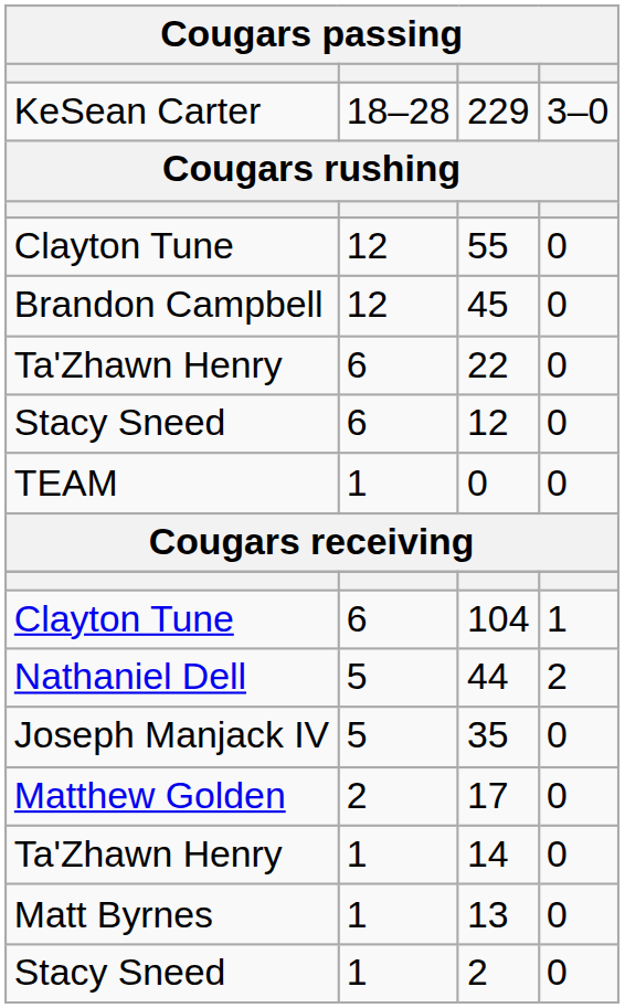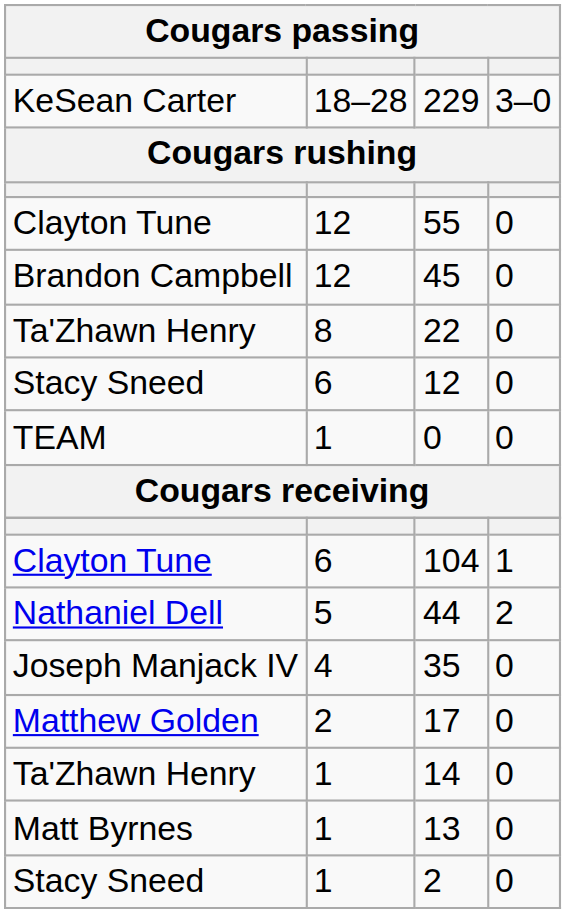 <table class="wikitable plainrowheaders">
 <tr>
 <th colspan="6">Cougars passing</th>
 </tr>
 <tr>
 <th scope="col"></th>
 <th scope="col"></th>
 <th scope="col"></th>
 <th scope="col"></th>
 </tr>
 <tr>
 <td>KeSean Carter</td>
 <td>18–28</td>
 <td>229</td>
 <td>3–0</td>
 </tr>
 <tr>
 <th colspan="6">Cougars rushing</th>
 </tr>
 <tr>
 <th scope="col"></th>
 <th scope="col"></th>
 <th scope="col"></th>
 <th scope="col"></th>
 </tr>
 <tr>
 <td>Clayton Tune</td>
 <td>12</td>
 <td>55</td>
 <td>0</td>
 </tr>
 <tr>
 <td>Brandon Campbell</td>
 <td>12</td>
 <td>45</td>
 <td>0</td>
 </tr>
 <tr>
 <td>Ta'Zhawn Henry</td>
-<td>6</td>
+<td>8</td>
 <td>22</td>
 <td>0</td>
 </tr>
 <tr>
 <td>Stacy Sneed</td>
 <td>6</td>
 <td>12</td>
 <td>0</td>
 </tr>
 <tr>
 <td>TEAM</td>
 <td>1</td>
 <td>0</td>
 <td>0</td>
 </tr>
 <tr>
 <th colspan="6">Cougars receiving</th>
 </tr>
 <tr>
 </tr>
 <tr>
 <th scope="col"></th>
 <th scope="col"></th>
 <th scope="col"></th>
 <th scope="col"></th>
 </tr>
 <tr>
 <td><a href='#'>Clayton Tune</a></td>
 <td>6</td>
 <td>104</td>
 <td>1</td>
 </tr>
 <tr>
 <td><a href='#'>Nathaniel Dell</a></td>
 <td>5</td>
 <td>44</td>
 <td>2</td>
 </tr>
 <tr>
 <td>Joseph Manjack IV</td>
-<td>5</td>
+<td>4</td>
 <td>35</td>
 <td>0</td>
 </tr>
 <tr>
 <td><a href='#'>Matthew Golden</a></td>
 <td>2</td>
 <td>17</td>
 <td>0</td>
 </tr>
 <tr>
 <td>Ta'Zhawn Henry</td>
 <td>1</td>
 <td>14</td>
 <td>0</td>
 </tr>
 <tr>
 <td>Matt Byrnes</td>
 <td>1</td>
 <td>13</td>
 <td>0</td>
 </tr>
 <tr>
 <td>Stacy Sneed</td>
 <td>1</td>
 <td>2</td>
 <td>0</td>
 </tr>
 <tr>
 </tr>
 </table>
